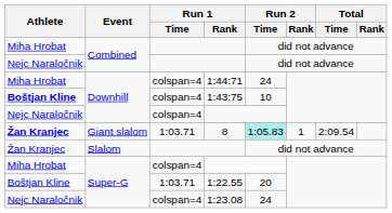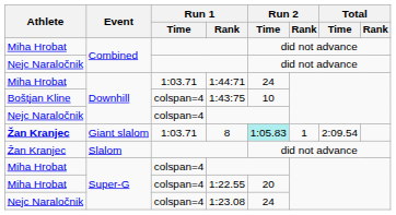 <table class="wikitable" style="font-size:90%">
 <tr>
 <th rowspan=2>Athlete</th>
 <th rowspan=2>Event</th>
 <th colspan=2>Run 1</th>
 <th colspan=2>Run 2</th>
 <th colspan=2>Total</th>
 </tr>
 <tr style="font-size:95%">
 <th>Time</th>
 <th>Rank</th>
 <th>Time</th>
 <th>Rank</th>
 <th>Time</th>
 <th>Rank</th>
 </tr>
 <tr align=center>
 <td align=left><a href='#'>Miha Hrobat</a></td>
 <td align=left rowspan=2><a href='#'>Combined</a></td>
 <td colspan=2></td>
 <td colspan=4>did not advance</td>
 </tr>
 <tr align=center>
 <td align=left><a href='#'>Nejc Naraločnik</a></td>
 <td colspan=2></td>
 <td colspan=4>did not advance</td>
 </tr>
 <tr align=center>
 <td align=left><a href='#'>Miha Hrobat</a></td>
 <td align=left rowspan=3><a href='#'>Downhill</a></td>
-<td>colspan=4 </td>
+<td>1:03.71</td>
 <td>1:44:71</td>
 <td>24</td>
 </tr>
 <tr align=center>
-<td align=left><strong><a href='#'>Boštjan Kline</a></strong></td>
+<td align=left><a href='#'>Boštjan Kline</a></td>
 <td>colspan=4 </td>
 <td>1:43:75</td>
 <td>10</td>
 </tr>
 <tr align=center>
 <td align=left><a href='#'>Nejc Naraločnik</a></td>
 <td>colspan=4 </td>
 <td colspan=2></td>
 </tr>
 <tr align=center>
 <td align=left><strong><a href='#'>Žan Kranjec</a></strong></td>
 <td align=left><a href='#'>Giant slalom</a></td>
 <td>1:03.71</td>
 <td>8</td>
 <td style="background: paleturquoise;">1:05.83</td>
 <td>1</td>
 <td>2:09.54</td>
 <td></td>
 </tr>
 <tr align=center>
 <td align=left><a href='#'>Žan Kranjec</a></td>
 <td align=left><a href='#'>Slalom</a></td>
 <td colspan=2></td>
 <td colspan=4>did not advance</td>
 </tr>
 <tr align=center>
 <td align=left><a href='#'>Miha Hrobat</a></td>
 <td align=left rowspan=3><a href='#'>Super-G</a></td>
 <td>colspan=4 </td>
 <td colspan=2></td>
 </tr>
 <tr align=center>
-<td align=left><a href='#'>Boštjan Kline</a></td>
-<td>1:03.71</td>
+<td align=left><a href='#'>Miha Hrobat</a></td>
+<td>colspan=4 </td>
 <td>1:22.55</td>
 <td>20</td>
 </tr>
 <tr align=center>
 <td align=left><a href='#'>Nejc Naraločnik</a></td>
 <td>colspan=4 </td>
 <td>1:23.08</td>
 <td>24</td>
 </tr>
 </table>
